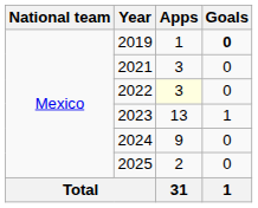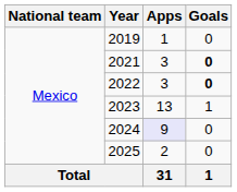 <table class="wikitable" style="text-align:center">
 <tr>
 <th>National team</th>
 <th>Year</th>
 <th>Apps</th>
 <th>Goals</th>
 </tr>
 <tr>
 <td rowspan="6"><a href='#'>Mexico</a></td>
 <td>2019</td>
 <td>1</td>
-<td><strong>0</strong></td>
+<td>0</td>
 </tr>
 <tr>
 <td>2021</td>
 <td>3</td>
-<td>0</td>
+<td><strong>0</strong></td>
 </tr>
 <tr>
 <td>2022</td>
-<td style="background: lightyellow;">3</td>
-<td>0</td>
+<td>3</td>
+<td><strong>0</strong></td>
 </tr>
 <tr>
 <td>2023</td>
 <td>13</td>
 <td>1</td>
 </tr>
 <tr>
 <td>2024</td>
-<td>9</td>
+<td style="background: lavender;">9</td>
 <td>0</td>
 </tr>
 <tr>
 <td>2025</td>
 <td>2</td>
 <td>0</td>
 </tr>
 <tr>
 <th colspan="2">Total</th>
 <th>31</th>
 <th>1</th>
 </tr>
 </table>
